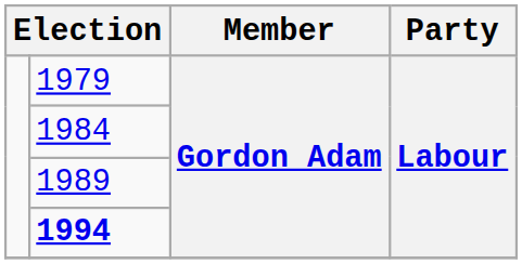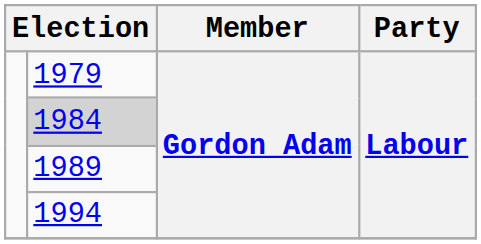 <table class="wikitable">
 <tr>
 <th colspan="2">Election</th>
 <th>Member</th>
 <th>Party</th>
 </tr>
 <tr>
 <td rowspan="4" style="background-color: "></td>
 <td><a href='#'>1979</a></td>
 <th rowspan="4"><a href='#'>Gordon Adam</a></th>
 <th rowspan="4"><a href='#'>Labour</a></th>
 </tr>
 <tr>
-<td><a href='#'>1984</a></td>
+<td style="background: lightgrey;"><a href='#'>1984</a></td>
 </tr>
 <tr>
 <td><a href='#'>1989</a></td>
 </tr>
 <tr>
-<td><strong><a href='#'>1994</a></strong></td>
+<td><a href='#'>1994</a></td>
 </tr>
 <tr>
 </tr>
 </table>
